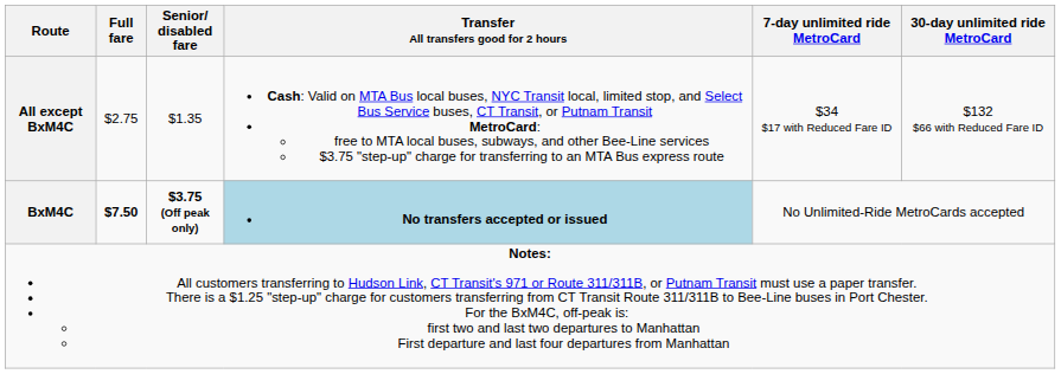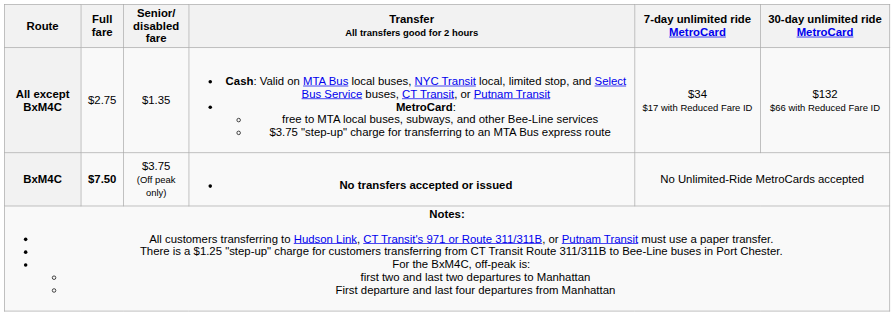 <table class="wikitable" style="font-size: 100%;">
 <tr>
 <th>Route</th>
 <th>Full fare</th>
 <th>Senior/<br>disabled fare</th>
 <th>Transfer<br><small>All transfers good for 2 hours</small></th>
 <th>7-day unlimited ride <a href='#'>MetroCard</a></th>
 <th>30-day unlimited ride <a href='#'>MetroCard</a></th>
 </tr>
 <tr align="center">
 <th><strong>All except BxM4C</strong></th>
 <td>$2.75</td>
 <td>$1.35</td>
 <td><br><ul><li><strong>Cash</strong>: Valid on <a href='#'>MTA Bus</a> local buses, <a href='#'>NYC Transit</a> local, limited stop, and <a href='#'>Select Bus Service</a> buses, <a href='#'>CT Transit</a>, or <a href='#'>Putnam Transit</a></li><li><strong>MetroCard</strong>:<ul><li>free to MTA local buses, subways, and other Bee-Line services</li><li>$3.75 "step-up" charge for transferring to an MTA Bus express route</li></ul></li></ul></td>
 <td>$34<br><small>$17 with Reduced Fare ID</small></td>
 <td>$132<br><small>$66 with Reduced Fare ID</small></td>
 </tr>
 <tr align="center">
 <th><strong>BxM4C</strong></th>
 <td><strong>$7.50</strong></td>
-<td><strong>$3.75<br><small>(Off peak only)</small></strong></td>
-<td style="background: lightblue;"><br><ul><li><strong>No transfers accepted or issued</strong></li></ul></td>
+<td>$3.75<br><small>(Off peak only)</small></td>
+<td><br><ul><li><strong>No transfers accepted or issued</strong></li></ul></td>
 <td colspan="2">No Unlimited-Ride MetroCards accepted</td>
 </tr>
 <tr align="center">
 <td colspan="6"><strong>Notes:</strong><br><ul><li>All customers transferring to <a href='#'>Hudson Link</a>, <a href='#'>CT Transit's 971 or Route 311/311B</a>, or <a href='#'>Putnam Transit</a> must use a paper transfer.</li><li>There is a $1.25 "step-up" charge for customers transferring from CT Transit Route 311/311B to Bee-Line buses in Port Chester.</li><li>For the BxM4C, off-peak is:<ul><li>first two and last two departures to Manhattan</li><li>First departure and last four departures from Manhattan</li></ul></li></ul></td>
 </tr>
 </table>
